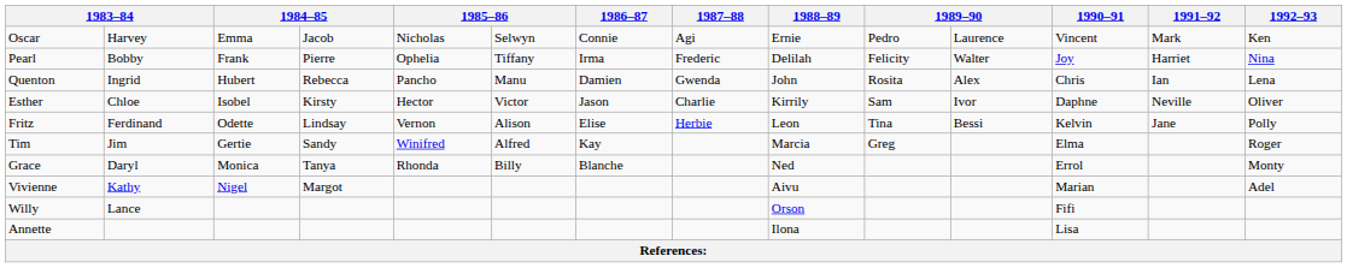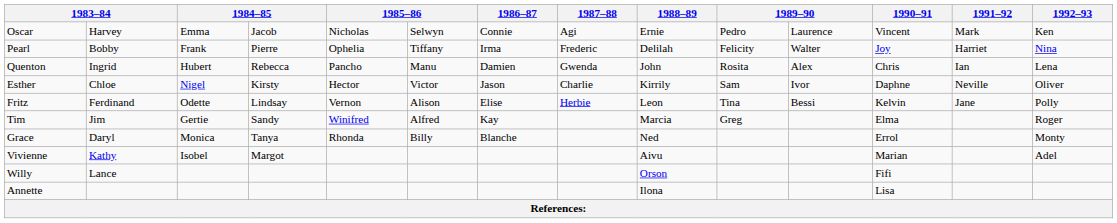 <table class="wikitable" width="100%">
 <tr>
 <th colspan=2><a href='#'>1983–84</a></th>
 <th colspan=2><a href='#'>1984–85</a></th>
 <th colspan=2><a href='#'>1985–86</a></th>
 <th><a href='#'>1986–87</a></th>
 <th><a href='#'>1987–88</a></th>
 <th><a href='#'>1988–89</a></th>
 <th colspan=2><a href='#'>1989–90</a></th>
 <th><a href='#'>1990–91</a></th>
 <th><a href='#'>1991–92</a></th>
 <th><a href='#'>1992–93</a></th>
 </tr>
 <tr>
 <td>Oscar</td>
 <td>Harvey</td>
 <td>Emma</td>
 <td>Jacob</td>
 <td>Nicholas</td>
 <td>Selwyn</td>
 <td>Connie</td>
 <td>Agi</td>
 <td>Ernie</td>
 <td>Pedro</td>
 <td>Laurence</td>
 <td>Vincent</td>
 <td>Mark</td>
 <td>Ken</td>
 </tr>
 <tr>
 <td>Pearl</td>
 <td>Bobby</td>
 <td>Frank</td>
 <td>Pierre</td>
 <td>Ophelia</td>
 <td>Tiffany</td>
 <td>Irma</td>
 <td>Frederic</td>
 <td>Delilah</td>
 <td>Felicity</td>
 <td>Walter</td>
 <td><a href='#'>Joy</a></td>
 <td>Harriet</td>
 <td><a href='#'>Nina</a></td>
 </tr>
 <tr>
 <td>Quenton</td>
 <td>Ingrid</td>
 <td>Hubert</td>
 <td>Rebecca</td>
 <td>Pancho</td>
 <td>Manu</td>
 <td>Damien</td>
 <td>Gwenda</td>
 <td>John</td>
 <td>Rosita</td>
 <td>Alex</td>
 <td>Chris</td>
 <td>Ian</td>
 <td>Lena</td>
 </tr>
 <tr>
 <td>Esther</td>
 <td>Chloe</td>
-<td>Isobel</td>
+<td><a href='#'>Nigel</a></td>
 <td>Kirsty</td>
 <td>Hector</td>
 <td>Victor</td>
 <td>Jason</td>
 <td>Charlie</td>
 <td>Kirrily</td>
 <td>Sam</td>
 <td>Ivor</td>
 <td>Daphne</td>
 <td>Neville</td>
 <td>Oliver</td>
 </tr>
 <tr>
 <td>Fritz</td>
 <td>Ferdinand</td>
 <td>Odette</td>
 <td>Lindsay</td>
 <td>Vernon</td>
 <td>Alison</td>
 <td>Elise</td>
 <td><a href='#'>Herbie</a></td>
 <td>Leon</td>
 <td>Tina</td>
 <td>Bessi</td>
 <td>Kelvin</td>
 <td>Jane</td>
 <td>Polly</td>
 </tr>
 <tr>
 <td>Tim</td>
 <td>Jim</td>
 <td>Gertie</td>
 <td>Sandy</td>
 <td><a href='#'>Winifred</a></td>
 <td>Alfred</td>
 <td>Kay</td>
 <td></td>
 <td>Marcia</td>
 <td>Greg</td>
 <td></td>
 <td>Elma</td>
 <td></td>
 <td>Roger</td>
 </tr>
 <tr>
 <td>Grace</td>
 <td>Daryl</td>
 <td>Monica</td>
 <td>Tanya</td>
 <td>Rhonda</td>
 <td>Billy</td>
 <td>Blanche</td>
 <td></td>
 <td>Ned</td>
 <td></td>
 <td></td>
 <td>Errol</td>
 <td></td>
 <td>Monty</td>
 </tr>
 <tr>
 <td>Vivienne</td>
 <td><a href='#'>Kathy</a></td>
-<td><a href='#'>Nigel</a></td>
+<td>Isobel</td>
 <td>Margot</td>
 <td></td>
 <td></td>
 <td></td>
 <td></td>
 <td>Aivu</td>
 <td></td>
 <td></td>
 <td>Marian</td>
 <td></td>
 <td>Adel</td>
 </tr>
 <tr>
 <td>Willy</td>
 <td>Lance</td>
 <td></td>
 <td></td>
 <td></td>
 <td></td>
 <td></td>
 <td></td>
 <td><a href='#'>Orson</a></td>
 <td></td>
 <td></td>
 <td>Fifi</td>
 <td></td>
 <td></td>
 </tr>
 <tr>
 <td>Annette</td>
 <td></td>
 <td></td>
 <td></td>
 <td></td>
 <td></td>
 <td></td>
 <td></td>
 <td>Ilona</td>
 <td></td>
 <td></td>
 <td>Lisa</td>
 <td></td>
 <td></td>
 </tr>
 <tr>
 <th colspan=16>References:</th>
 </tr>
 </table>
